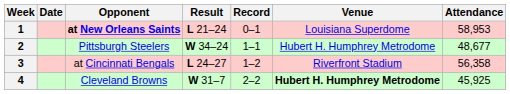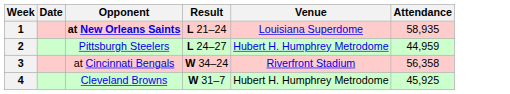 <table class="wikitable" style="text-align:center">
 <tr>
 <th>Week</th>
 <th>Date</th>
 <th>Opponent</th>
 <th>Result</th>
-<th>Record</th>
 <th>Venue</th>
 <th>Attendance</th>
 </tr>
 <tr style="background:#fcc">
 <th>1</th>
 <td></td>
 <td><strong>at <a href='#'>New Orleans Saints</a></strong></td>
 <td><strong>L</strong> 21–24</td>
-<td>0–1</td>
 <td><a href='#'>Louisiana Superdome</a></td>
-<td>58,953</td>
+<td>58,935</td>
 </tr>
 <tr style="background:#cfc">
 <th>2</th>
 <td></td>
 <td><a href='#'>Pittsburgh Steelers</a></td>
-<td><strong>W</strong> 34–24</td>
-<td>1–1</td>
+<td><strong>L</strong> 24–27 </td>
 <td><a href='#'>Hubert H. Humphrey Metrodome</a></td>
-<td>48,677</td>
+<td>44,959</td>
 </tr>
 <tr style="background:#fcc">
 <th>3</th>
 <td></td>
 <td>at <a href='#'>Cincinnati Bengals</a></td>
-<td><strong>L</strong> 24–27 </td>
-<td>1–2</td>
+<td><strong>W</strong> 34–24</td>
 <td><a href='#'>Riverfront Stadium</a></td>
 <td>56,358</td>
 </tr>
 <tr style="background:#cfc">
 <th>4</th>
 <td></td>
 <td><a href='#'>Cleveland Browns</a></td>
 <td><strong>W</strong> 31–7</td>
-<td>2–2</td>
-<td><strong>Hubert H. Humphrey Metrodome</strong></td>
+<td>Hubert H. Humphrey Metrodome</td>
 <td>45,925</td>
 </tr>
 </table>
